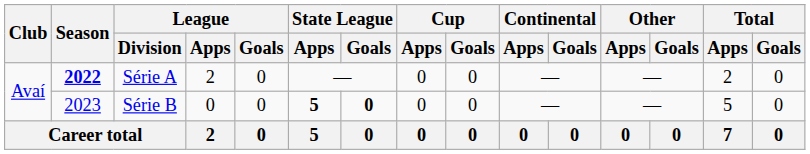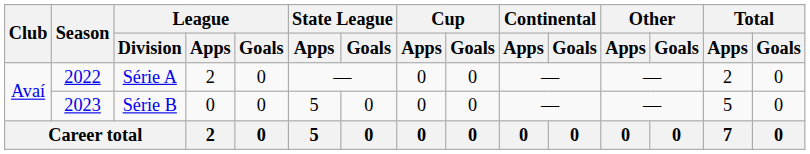 <table class="wikitable" style="text-align: center;">
 <tr>
 <th rowspan="2">Club</th>
 <th rowspan="2">Season</th>
 <th colspan="3">League</th>
 <th colspan="2">State League</th>
 <th colspan="2">Cup</th>
 <th colspan="2">Continental</th>
 <th colspan="2">Other</th>
 <th colspan="2">Total</th>
 </tr>
 <tr>
 <th>Division</th>
 <th>Apps</th>
 <th>Goals</th>
 <th>Apps</th>
 <th>Goals</th>
 <th>Apps</th>
 <th>Goals</th>
 <th>Apps</th>
 <th>Goals</th>
 <th>Apps</th>
 <th>Goals</th>
 <th>Apps</th>
 <th>Goals</th>
 </tr>
 <tr>
 <td rowspan="2"><a href='#'>Avaí</a></td>
-<td><strong><a href='#'>2022</a></strong></td>
+<td><a href='#'>2022</a></td>
 <td><a href='#'>Série A</a></td>
 <td>2</td>
 <td>0</td>
 <td colspan="2">—</td>
 <td>0</td>
 <td>0</td>
 <td colspan="2">—</td>
 <td colspan="2">—</td>
 <td>2</td>
 <td>0</td>
 </tr>
 <tr>
 <td><a href='#'>2023</a></td>
 <td><a href='#'>Série B</a></td>
 <td>0</td>
 <td>0</td>
-<td><strong>5</strong></td>
-<td><strong>0</strong></td>
+<td>5</td>
+<td>0</td>
 <td>0</td>
 <td>0</td>
 <td colspan="2">—</td>
 <td colspan="2">—</td>
 <td>5</td>
 <td>0</td>
 </tr>
 <tr>
 <th colspan="3">Career total</th>
 <th>2</th>
 <th>0</th>
 <th>5</th>
 <th>0</th>
 <th>0</th>
 <th>0</th>
 <th>0</th>
 <th>0</th>
 <th>0</th>
 <th>0</th>
 <th>7</th>
 <th>0</th>
 </tr>
 </table>
